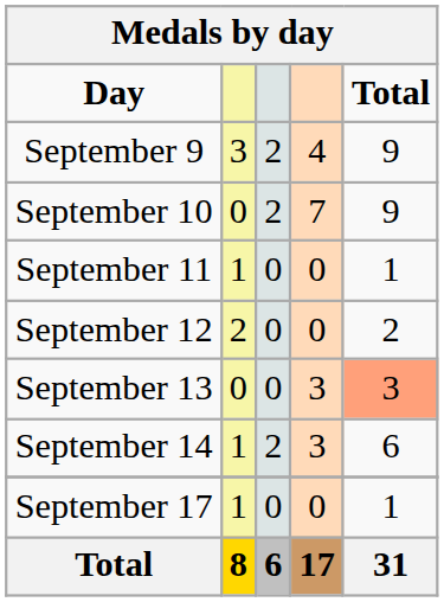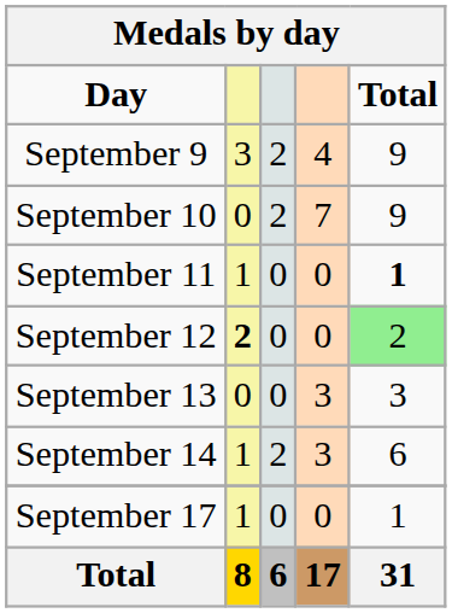 <table class="wikitable" style="font-size:85%; float:right">
 <tr align=center>
 <th colspan=7><strong>Medals by day</strong></th>
 </tr>
 <tr align=center>
 <td><strong>Day</strong></td>
 <td style="background:#f7f6a8;"></td>
 <td style="background:#dce5e5;"></td>
 <td style="background:#ffdab9;"></td>
 <td><strong>Total</strong></td>
 </tr>
 <tr align=center>
 <td>September 9</td>
 <td style="background:#f7f6a8;">3</td>
 <td style="background:#dce5e5;">2</td>
 <td style="background:#ffdab9;">4</td>
 <td>9</td>
 </tr>
 <tr align=center>
 <td>September 10</td>
 <td style="background:#f7f6a8;">0</td>
 <td style="background:#dce5e5;">2</td>
 <td style="background:#ffdab9;">7</td>
 <td>9</td>
 </tr>
 <tr align=center>
 <td>September 11</td>
 <td style="background:#f7f6a8;">1</td>
 <td style="background:#dce5e5;">0</td>
 <td style="background:#ffdab9;">0</td>
-<td>1</td>
+<td><strong>1</strong></td>
 </tr>
 <tr align=center>
 <td>September 12</td>
-<td style="background:#f7f6a8;">2</td>
+<td style="background:#f7f6a8;"><strong>2</strong></td>
 <td style="background:#dce5e5;">0</td>
 <td style="background:#ffdab9;">0</td>
-<td>2</td>
+<td style="background: lightgreen;">2</td>
 </tr>
 <tr align=center>
 <td>September 13</td>
 <td style="background:#f7f6a8;">0</td>
 <td style="background:#dce5e5;">0</td>
 <td style="background:#ffdab9;">3</td>
-<td style="background: lightsalmon;">3</td>
+<td>3</td>
 </tr>
 <tr align=center>
 <td>September 14</td>
 <td style="background:#f7f6a8;">1</td>
 <td style="background:#dce5e5;">2</td>
 <td style="background:#ffdab9;">3</td>
 <td>6</td>
 </tr>
 <tr align=center>
 </tr>
 <tr align=center>
 <td>September 17</td>
 <td style="background:#f7f6a8;">1</td>
 <td style="background:#dce5e5;">0</td>
 <td style="background:#ffdab9;">0</td>
 <td>1</td>
 </tr>
 <tr align=center>
 <th><strong>Total</strong></th>
 <th style="background:gold;"><strong>8</strong></th>
 <th style="background:silver;"><strong>6</strong></th>
 <th style="background:#c96;"><strong>17</strong></th>
 <th><strong>31</strong></th>
 </tr>
 </table>
